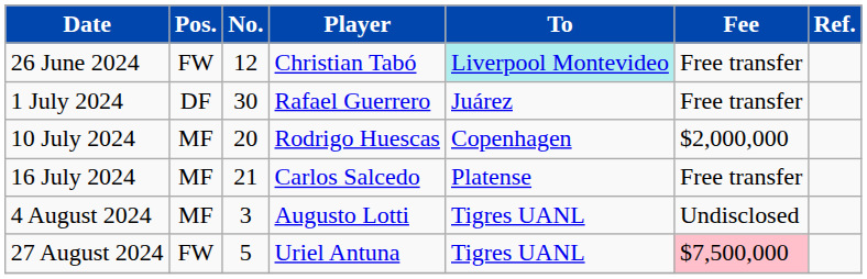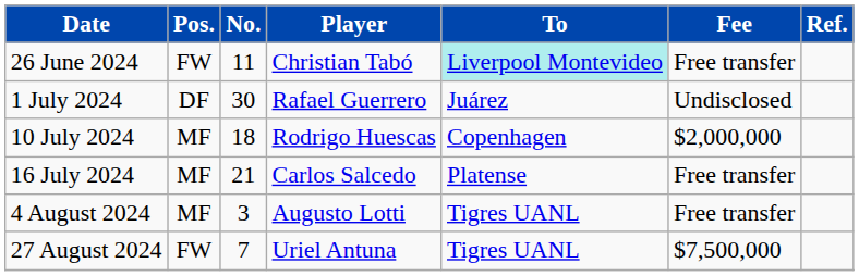 <table class="wikitable plainrowheaders sortable">
 <tr>
 <th style="background:#0046AD; color:#ffffff; ">Date</th>
 <th style="background:#0046AD; color:#ffffff; ">Pos.</th>
 <th style="background:#0046AD; color:#ffffff; ">No.</th>
 <th style="background:#0046AD; color:#ffffff; ">Player</th>
 <th style="background:#0046AD; color:#ffffff; ">To</th>
 <th style="background:#0046AD; color:#ffffff; ">Fee</th>
 <th style="background:#0046AD; color:#ffffff; ">Ref.</th>
 </tr>
 <tr>
 <td>26 June 2024</td>
 <td style="text-align:center;">FW</td>
-<td style="text-align:center;">12</td>
+<td style="text-align:center;">11</td>
 <td style="text-align:left;"> <a href='#'>Christian Tabó</a></td>
 <td style="background: paleturquoise; text-align:left;"> <a href='#'>Liverpool Montevideo</a></td>
 <td> Free transfer</td>
 <td></td>
 </tr>
 <tr>
 <td>1 July 2024</td>
 <td style="text-align:center;">DF</td>
 <td style="text-align:center;">30</td>
 <td style="text-align:left;"> <a href='#'>Rafael Guerrero</a></td>
 <td style="text-align:left;"> <a href='#'>Juárez</a></td>
-<td> Free transfer</td>
+<td> Undisclosed</td>
 <td></td>
 </tr>
 <tr>
 <td>10 July 2024</td>
 <td style="text-align:center;">MF</td>
-<td style="text-align:center;">20</td>
+<td style="text-align:center;">18</td>
 <td style="text-align:left;"> <a href='#'>Rodrigo Huescas</a></td>
 <td style="text-align:left;"> <a href='#'>Copenhagen</a></td>
 <td> $2,000,000</td>
 <td></td>
 </tr>
 <tr>
 <td>16 July 2024</td>
 <td style="text-align:center;">MF</td>
 <td style="text-align:center;">21</td>
 <td style="text-align:left;"> <a href='#'>Carlos Salcedo</a></td>
 <td style="text-align:left;"> <a href='#'>Platense</a></td>
 <td> Free transfer</td>
 <td></td>
 </tr>
 <tr>
 <td>4 August 2024</td>
 <td style="text-align:center;">MF</td>
 <td style="text-align:center;">3</td>
 <td style="text-align:left;"> <a href='#'>Augusto Lotti</a></td>
 <td style="text-align:left;"> <a href='#'>Tigres UANL</a></td>
-<td> Undisclosed</td>
+<td> Free transfer</td>
 <td></td>
 </tr>
 <tr>
 <td>27 August 2024</td>
 <td style="text-align:center;">FW</td>
-<td style="text-align:center;">5</td>
+<td style="text-align:center;">7</td>
 <td style="text-align:left;"> <a href='#'>Uriel Antuna</a></td>
 <td style="text-align:left;"> <a href='#'>Tigres UANL</a></td>
-<td style="background: pink;"> $7,500,000</td>
+<td> $7,500,000</td>
 <td></td>
 </tr>
 <tr>
 </tr>
 </table>
